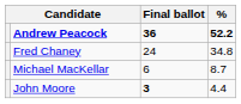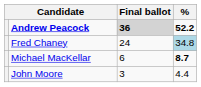 <table class="wikitable">
 <tr style="background:#e9e9e9;">
 <th colspan="2" style="width: 170px">Candidate</th>
 <th>Final ballot</th>
 <th>%</th>
 </tr>
 <tr>
 <th></th>
 <td style="width: 170px"><strong><a href='#'>Andrew Peacock</a></strong></td>
-<td><strong>36</strong></td>
+<td style="background: lightgrey;"><strong>36</strong></td>
 <td><strong>52.2</strong></td>
 </tr>
 <tr>
 <th></th>
 <td style="width: 170px"><a href='#'>Fred Chaney</a></td>
 <td>24</td>
-<td>34.8</td>
+<td style="background: lightblue;">34.8</td>
 </tr>
 <tr>
 <th></th>
 <td style="width: 170px"><a href='#'>Michael MacKellar</a></td>
 <td>6</td>
-<td>8.7</td>
+<td><strong>8.7</strong></td>
 </tr>
 <tr>
 <th></th>
 <td style="width: 170px"><a href='#'>John Moore</a></td>
-<td><strong>3</strong></td>
+<td>3</td>
 <td>4.4</td>
 </tr>
 </table>
